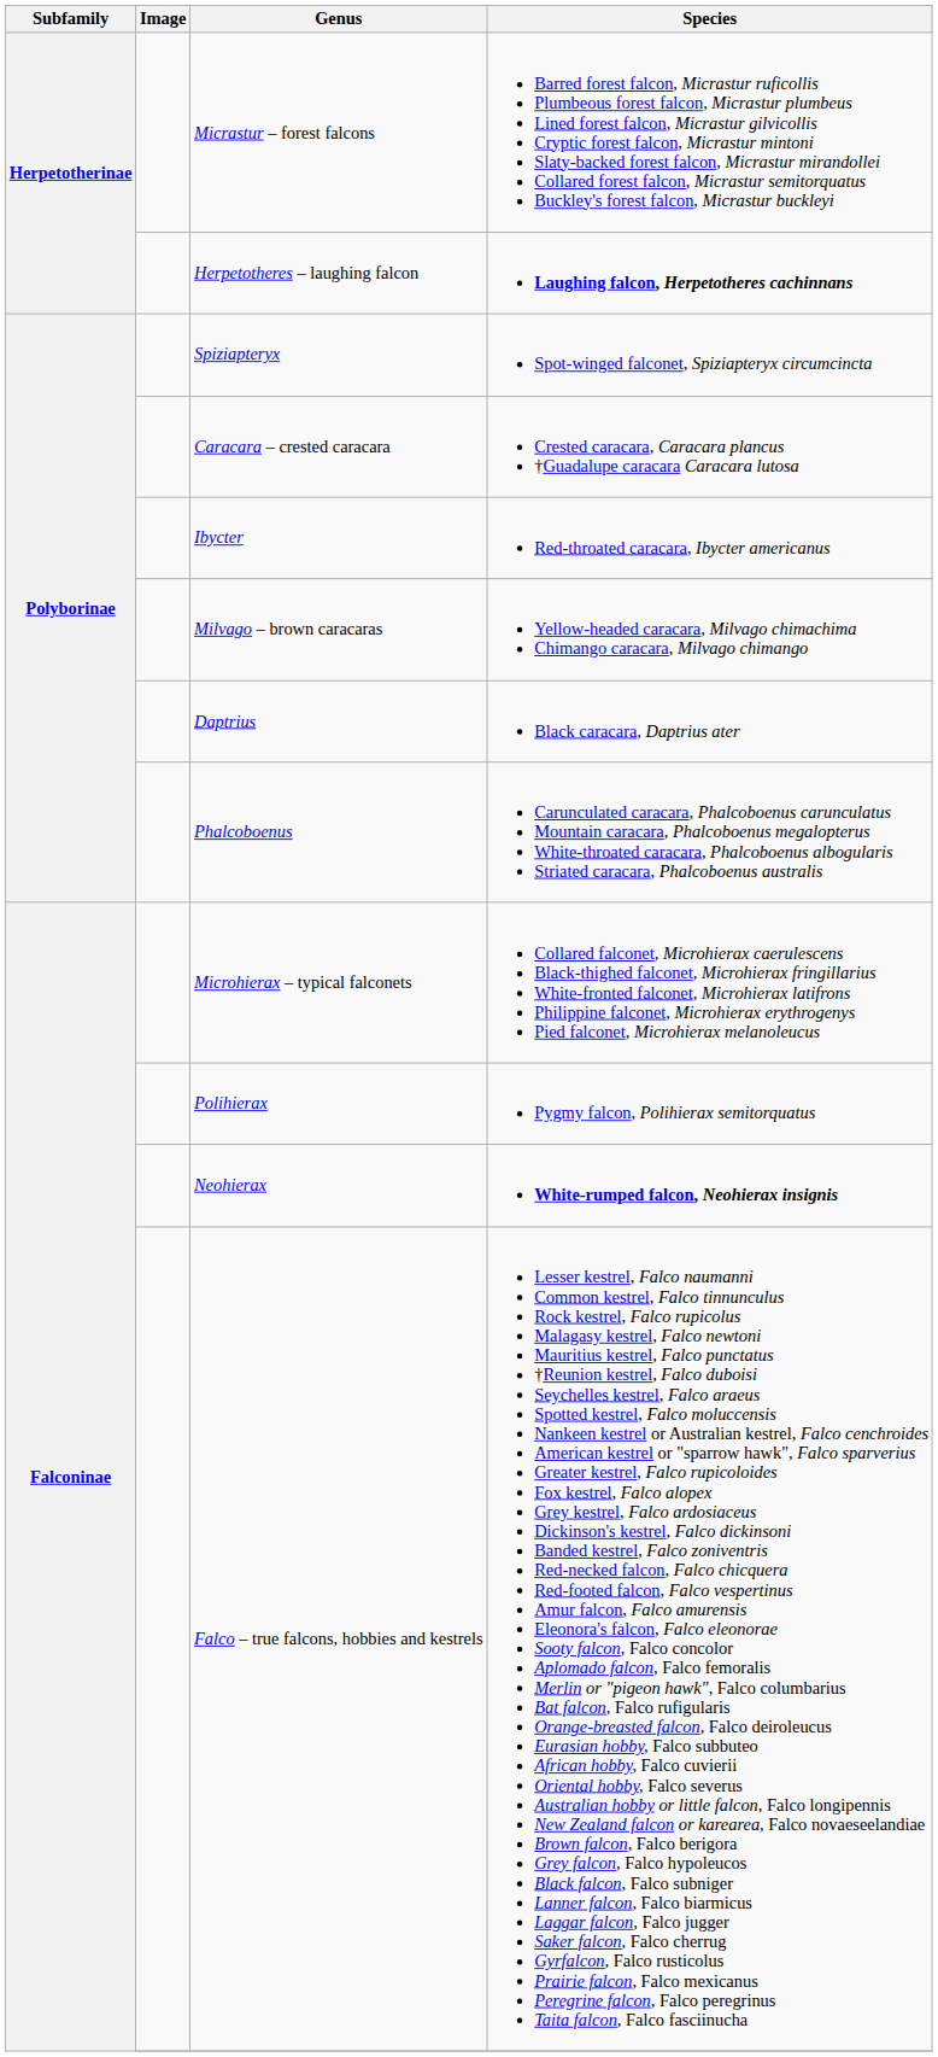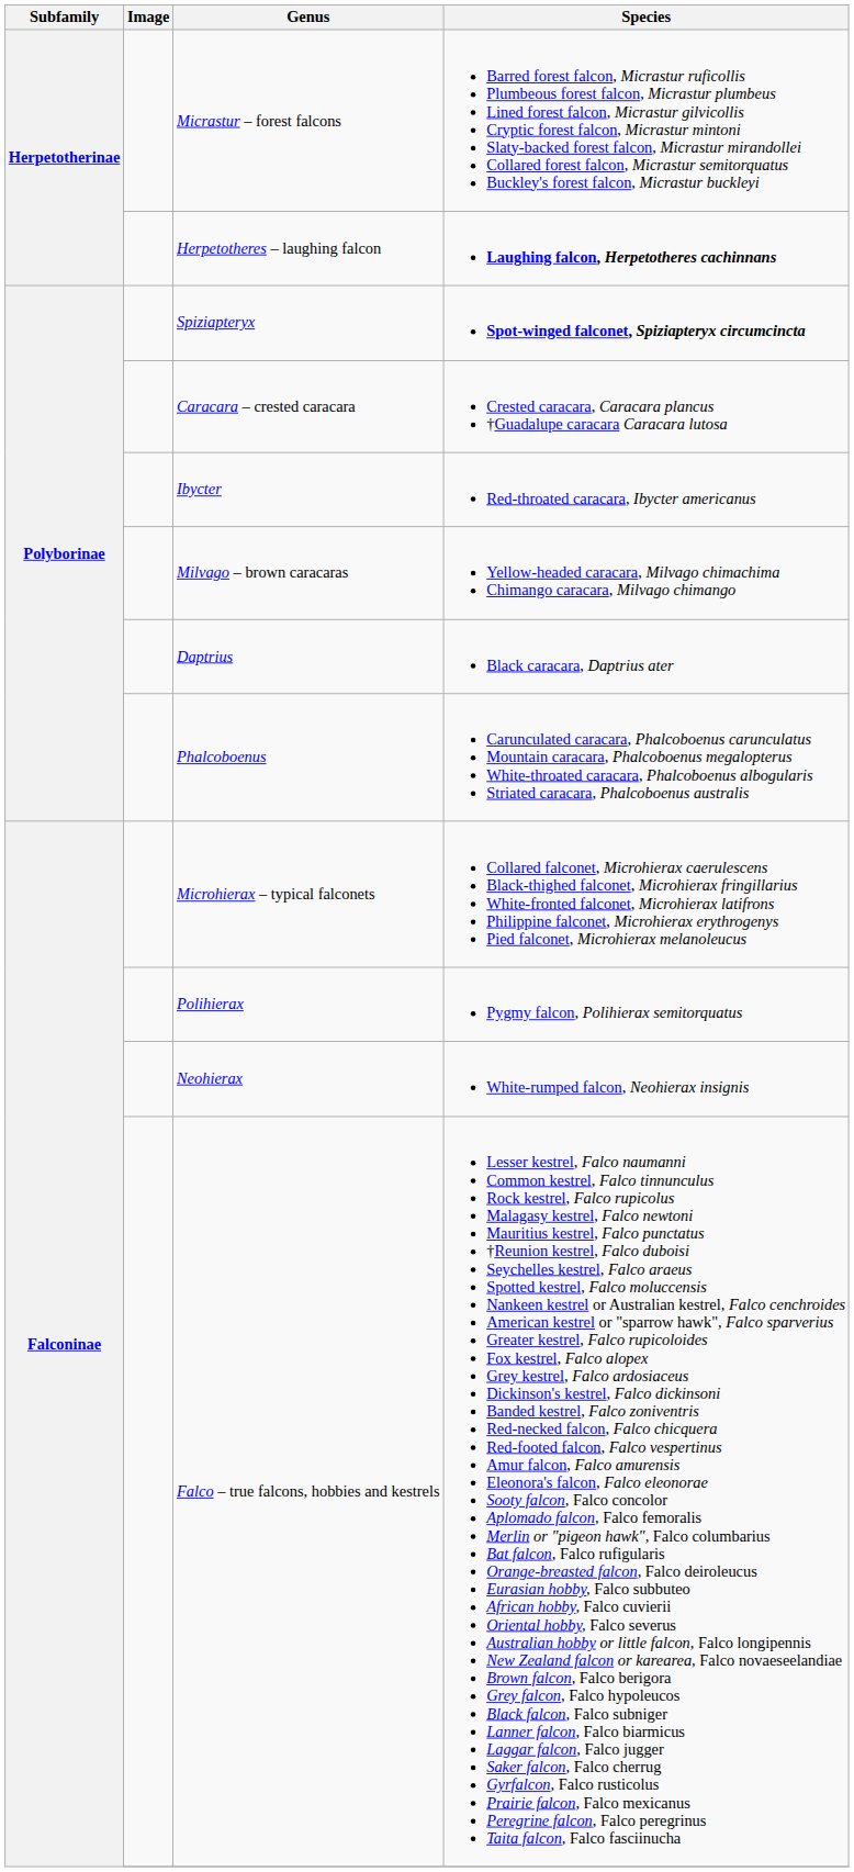 <table class="wikitable collapsible">
 <tr>
 <th>Subfamily</th>
 <th>Image</th>
 <th>Genus</th>
 <th>Species</th>
 </tr>
 <tr>
 <th rowspan="2" style="text-align:center;"><a href='#'>Herpetotherinae</a></th>
 <td></td>
 <td><em><a href='#'>Micrastur</a></em>  – forest falcons</td>
 <td><br><ul><li><a href='#'>Barred forest falcon</a>, <em>Micrastur ruficollis</em></li><li><a href='#'>Plumbeous forest falcon</a>, <em>Micrastur plumbeus</em></li><li><a href='#'>Lined forest falcon</a>, <em>Micrastur gilvicollis</em></li><li><a href='#'>Cryptic forest falcon</a>, <em>Micrastur mintoni</em></li><li><a href='#'>Slaty-backed forest falcon</a>, <em>Micrastur mirandollei</em></li><li><a href='#'>Collared forest falcon</a>, <em>Micrastur semitorquatus</em></li><li><a href='#'>Buckley's forest falcon</a>, <em>Micrastur buckleyi</em></li></ul></td>
 </tr>
 <tr>
 <td></td>
 <td><em><a href='#'>Herpetotheres</a></em>  – laughing falcon</td>
 <td><strong><br><ul><li><a href='#'>Laughing falcon</a>, <em>Herpetotheres cachinnans</em></li></ul></strong></td>
 </tr>
 <tr>
 <th rowspan="6" style="text-align:center;"><a href='#'>Polyborinae</a></th>
 <td></td>
 <td><em><a href='#'>Spiziapteryx</a></em> </td>
-<td><br><ul><li><a href='#'>Spot-winged falconet</a>, <em>Spiziapteryx circumcincta</em></li></ul></td>
+<td><strong><br><ul><li><a href='#'>Spot-winged falconet</a>, <em>Spiziapteryx circumcincta</em></li></ul></strong></td>
 </tr>
 <tr>
 <td></td>
 <td><em><a href='#'>Caracara</a></em>  – crested caracara</td>
 <td><br><ul><li><a href='#'>Crested caracara</a>, <em>Caracara plancus</em></li><li>†<a href='#'>Guadalupe caracara</a> <em>Caracara lutosa</em></li></ul></td>
 </tr>
 <tr>
 <td></td>
 <td><em><a href='#'>Ibycter</a></em> </td>
 <td><br><ul><li><a href='#'>Red-throated caracara</a>, <em>Ibycter americanus</em></li></ul></td>
 </tr>
 <tr>
 <td></td>
 <td><em><a href='#'>Milvago</a></em>  – brown caracaras</td>
 <td><br><ul><li><a href='#'>Yellow-headed caracara</a>, <em>Milvago chimachima</em></li><li><a href='#'>Chimango caracara</a>, <em>Milvago chimango</em></li></ul></td>
 </tr>
 <tr>
 <td></td>
 <td><em><a href='#'>Daptrius</a></em> </td>
 <td><br><ul><li><a href='#'>Black caracara</a>, <em> Daptrius ater</em></li></ul></td>
 </tr>
 <tr>
 <td></td>
 <td><em><a href='#'>Phalcoboenus</a></em> </td>
 <td><br><ul><li><a href='#'>Carunculated caracara</a>, <em>Phalcoboenus carunculatus</em></li><li><a href='#'>Mountain caracara</a>, <em>Phalcoboenus megalopterus</em></li><li><a href='#'>White-throated caracara</a>, <em>Phalcoboenus albogularis</em></li><li><a href='#'>Striated caracara</a>, <em>Phalcoboenus australis</em></li></ul></td>
 </tr>
 <tr>
 <th rowspan="6" style="text-align:center;"><a href='#'>Falconinae</a></th>
 <td></td>
 <td><em><a href='#'>Microhierax</a></em>  – typical falconets</td>
 <td><br><ul><li><a href='#'>Collared falconet</a>, <em>Microhierax caerulescens</em></li><li><a href='#'>Black-thighed falconet</a>, <em>Microhierax fringillarius</em></li><li><a href='#'>White-fronted falconet</a>, <em>Microhierax latifrons</em></li><li><a href='#'>Philippine falconet</a>, <em>Microhierax erythrogenys</em></li><li><a href='#'>Pied falconet</a>, <em>Microhierax melanoleucus</em></li></ul></td>
 </tr>
 <tr>
 <td></td>
 <td><em><a href='#'>Polihierax</a></em> </td>
 <td><br><ul><li><a href='#'>Pygmy falcon</a>, <em>Polihierax semitorquatus</em></li></ul></td>
 </tr>
 <tr>
 <td></td>
 <td><em><a href='#'>Neohierax</a></em> </td>
-<td><strong><br><ul><li><a href='#'>White-rumped falcon</a>, <em>Neohierax insignis</em></li></ul></strong></td>
+<td><br><ul><li><a href='#'>White-rumped falcon</a>, <em>Neohierax insignis</em></li></ul></td>
 </tr>
 <tr>
 <td></td>
 <td><em><a href='#'>Falco</a></em>  – true falcons, hobbies and kestrels</td>
 <td><br><ul><li><a href='#'>Lesser kestrel</a>, <em>Falco naumanni</em></li><li><a href='#'>Common kestrel</a>, <em>Falco tinnunculus</em></li><li><a href='#'>Rock kestrel</a>, <em>Falco rupicolus</em></li><li><a href='#'>Malagasy kestrel</a>, <em>Falco newtoni</em></li><li><a href='#'>Mauritius kestrel</a>, <em>Falco punctatus</em></li><li>†<a href='#'>Reunion kestrel</a>, <em>Falco duboisi</em></li><li><a href='#'>Seychelles kestrel</a>, <em>Falco araeus</em></li><li><a href='#'>Spotted kestrel</a>, <em>Falco moluccensis</em></li><li><a href='#'>Nankeen kestrel</a> or Australian kestrel, <em>Falco cenchroides</em></li><li><a href='#'>American kestrel</a> or "sparrow hawk", <em>Falco sparverius</em></li><li><a href='#'>Greater kestrel</a>, <em>Falco rupicoloides</em></li><li><a href='#'>Fox kestrel</a>, <em>Falco alopex</em></li><li><a href='#'>Grey kestrel</a>, <em>Falco ardosiaceus</em></li><li><a href='#'>Dickinson's kestrel</a>, <em>Falco dickinsoni</em></li><li><a href='#'>Banded kestrel</a>, <em>Falco zoniventris</em></li><li><a href='#'>Red-necked falcon</a>, <em>Falco chicquera</em></li><li><a href='#'>Red-footed falcon</a>, <em>Falco vespertinus</em></li><li><a href='#'>Amur falcon</a>, <em>Falco amurensis</em></li><li><a href='#'>Eleonora's falcon</a>, <em>Falco eleonorae</li><li><a href='#'>Sooty falcon</a>, </em>Falco concolor<em></li><li><a href='#'>Aplomado falcon</a>, </em>Falco femoralis<em></li><li><a href='#'>Merlin</a> or "pigeon hawk", </em>Falco columbarius<em></li><li><a href='#'>Bat falcon</a>, </em>Falco rufigularis<em></li><li><a href='#'>Orange-breasted falcon</a>, </em>Falco deiroleucus<em></li><li><a href='#'>Eurasian hobby</a>, </em>Falco subbuteo<em></li><li><a href='#'>African hobby</a>, </em>Falco cuvierii<em></li><li><a href='#'>Oriental hobby</a>, </em>Falco severus<em></li><li><a href='#'>Australian hobby</a> or little falcon, </em>Falco longipennis<em></li><li><a href='#'>New Zealand falcon</a> or karearea, </em>Falco novaeseelandiae<em></li><li><a href='#'>Brown falcon</a>, </em>Falco berigora<em></li><li><a href='#'>Grey falcon</a>, </em>Falco hypoleucos<em></li><li><a href='#'>Black falcon</a>, </em>Falco subniger<em></li><li><a href='#'>Lanner falcon</a>, </em>Falco biarmicus<em></li><li><a href='#'>Laggar falcon</a>, </em>Falco jugger<em></li><li><a href='#'>Saker falcon</a>, </em>Falco cherrug<em></li><li><a href='#'>Gyrfalcon</a>, </em>Falco rusticolus<em></li><li><a href='#'>Prairie falcon</a>, </em>Falco mexicanus<em></li><li><a href='#'>Peregrine falcon</a>, </em>Falco peregrinus<em></li><li><a href='#'>Taita falcon</a>, </em>Falco fasciinucha<em></li></ul></td>
 </tr>
 <tr>
 </tr>
 </table>
